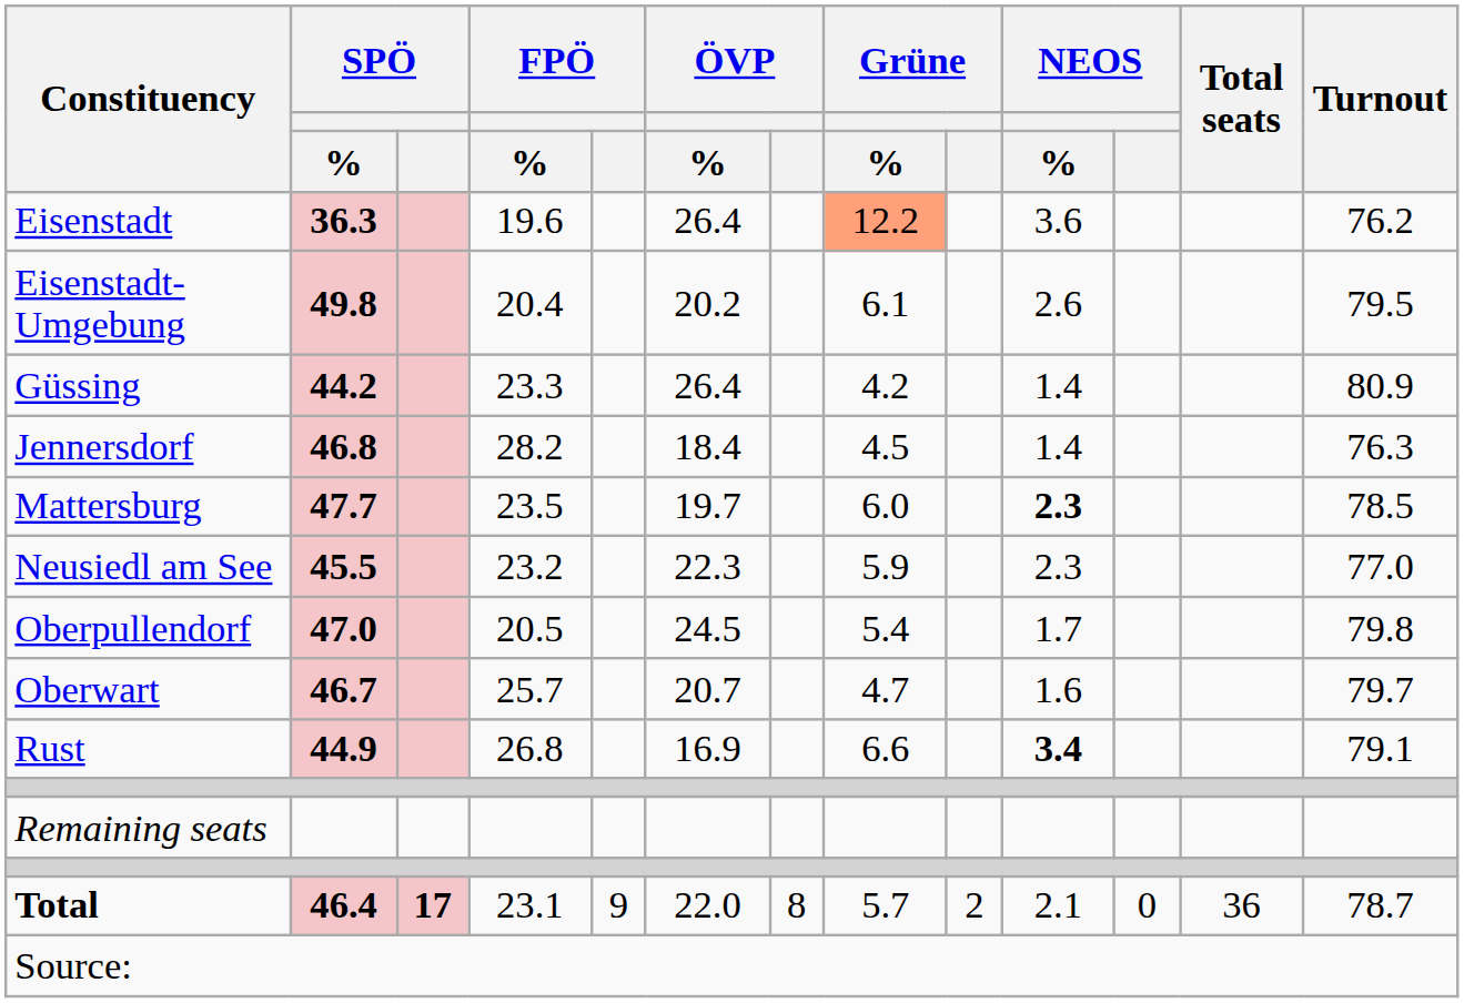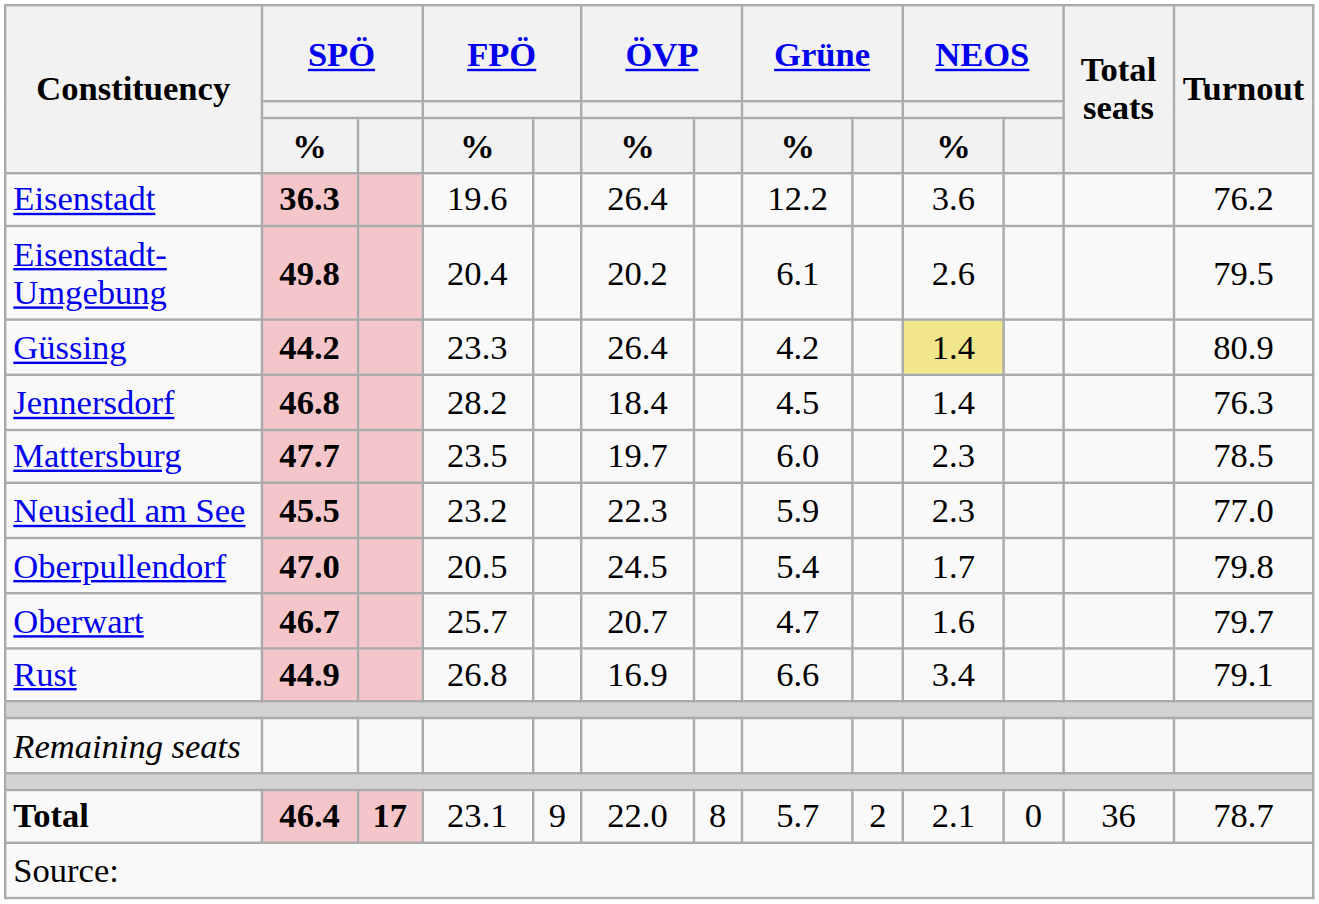 <table class="wikitable" style="text-align:center;font-size:90%;line-height:16px">
 <tr style="height:40px;">
 <th style="width:100px;" rowspan="3">Constituency</th>
 <th style="width:60px;" colspan="2"><a href='#'>SPÖ</a></th>
 <th style="width:60px;" colspan="2"><a href='#'>FPÖ</a></th>
 <th style="width:60px;" colspan="2"><a href='#'>ÖVP</a></th>
 <th style="width:60px;" colspan="2"><a href='#'>Grüne</a></th>
 <th style="width:60px;" colspan="2"><a href='#'>NEOS</a></th>
 <th class="unsortable" style="width:40px;" rowspan="3">Total<br>seats</th>
 <th class="unsortable" style="width:40px;" rowspan="3">Turnout</th>
 </tr>
 <tr>
 <th colspan="2" style="background:"></th>
 <th colspan="2" style="background:"></th>
 <th colspan="2" style="background:"></th>
 <th colspan="2" style="background:"></th>
 <th colspan="2" style="background:"></th>
 </tr>
 <tr>
 <th class=unsortable>%</th>
 <th class=unsortable></th>
 <th class=unsortable>%</th>
 <th class=unsortable></th>
 <th class=unsortable>%</th>
 <th class=unsortable></th>
 <th class=unsortable>%</th>
 <th class=unsortable></th>
 <th class=unsortable>%</th>
 <th class=unsortable></th>
 </tr>
 <tr>
 <td align=left><a href='#'>Eisenstadt</a></td>
 <td bgcolor="#F4C6C9"><strong>36.3</strong></td>
 <td bgcolor="#F4C6C9"></td>
 <td>19.6</td>
 <td></td>
 <td>26.4</td>
 <td></td>
-<td style="background: lightsalmon;">12.2</td>
+<td>12.2</td>
 <td></td>
 <td>3.6</td>
 <td></td>
 <td></td>
 <td>76.2</td>
 </tr>
 <tr>
 <td align=left><a href='#'>Eisenstadt-Umgebung</a></td>
 <td bgcolor="#F4C6C9"><strong>49.8</strong></td>
 <td bgcolor="#F4C6C9"></td>
 <td>20.4</td>
 <td></td>
 <td>20.2</td>
 <td></td>
 <td>6.1</td>
 <td></td>
 <td>2.6</td>
 <td></td>
 <td></td>
 <td>79.5</td>
 </tr>
 <tr>
 <td align="left"><a href='#'>Güssing</a></td>
 <td bgcolor="#F4C6C9"><strong>44.2</strong></td>
 <td bgcolor="#F4C6C9"></td>
 <td>23.3</td>
 <td></td>
 <td>26.4</td>
 <td></td>
 <td>4.2</td>
 <td></td>
-<td>1.4</td>
+<td style="background: khaki;">1.4</td>
 <td></td>
 <td></td>
 <td>80.9</td>
 </tr>
 <tr>
 <td align="left"><a href='#'>Jennersdorf</a></td>
 <td bgcolor="#F4C6C9"><strong>46.8</strong></td>
 <td bgcolor="#F4C6C9"></td>
 <td>28.2</td>
 <td></td>
 <td>18.4</td>
 <td></td>
 <td>4.5</td>
 <td></td>
 <td>1.4</td>
 <td></td>
 <td></td>
 <td>76.3</td>
 </tr>
 <tr>
 <td align="left"><a href='#'>Mattersburg</a></td>
 <td bgcolor="#F4C6C9"><strong>47.7</strong></td>
 <td bgcolor="#F4C6C9"></td>
 <td>23.5</td>
 <td></td>
 <td>19.7</td>
 <td></td>
 <td>6.0</td>
 <td></td>
-<td><strong>2.3</strong></td>
+<td>2.3</td>
 <td></td>
 <td></td>
 <td>78.5</td>
 </tr>
 <tr>
 <td align="left"><a href='#'>Neusiedl am See</a></td>
 <td bgcolor="#F4C6C9"><strong>45.5</strong></td>
 <td bgcolor="#F4C6C9"></td>
 <td>23.2</td>
 <td></td>
 <td>22.3</td>
 <td></td>
 <td>5.9</td>
 <td></td>
 <td>2.3</td>
 <td></td>
 <td></td>
 <td>77.0</td>
 </tr>
 <tr>
 <td align="left"><a href='#'>Oberpullendorf</a></td>
 <td bgcolor="#F4C6C9"><strong>47.0</strong></td>
 <td bgcolor="#F4C6C9"></td>
 <td>20.5</td>
 <td></td>
 <td>24.5</td>
 <td></td>
 <td>5.4</td>
 <td></td>
 <td>1.7</td>
 <td></td>
 <td></td>
 <td>79.8</td>
 </tr>
 <tr>
 <td align="left"><a href='#'>Oberwart</a></td>
 <td bgcolor="#F4C6C9"><strong>46.7</strong></td>
 <td bgcolor="#F4C6C9"></td>
 <td>25.7</td>
 <td></td>
 <td>20.7</td>
 <td></td>
 <td>4.7</td>
 <td></td>
 <td>1.6</td>
 <td></td>
 <td></td>
 <td>79.7</td>
 </tr>
 <tr>
 <td align=left><a href='#'>Rust</a></td>
 <td bgcolor="#F4C6C9"><strong>44.9</strong></td>
 <td bgcolor="#F4C6C9"></td>
 <td>26.8</td>
 <td></td>
 <td>16.9</td>
 <td></td>
 <td>6.6</td>
 <td></td>
-<td><strong>3.4</strong></td>
+<td>3.4</td>
 <td></td>
 <td></td>
 <td>79.1</td>
 </tr>
 <tr>
 <td colspan="14" bgcolor="lightgrey"></td>
 </tr>
 <tr>
 <td align=left><em>Remaining seats</em></td>
 <td></td>
 <td></td>
 <td></td>
 <td></td>
 <td></td>
 <td></td>
 <td></td>
 <td></td>
 <td></td>
 <td></td>
 <td></td>
 <td></td>
 </tr>
 <tr>
 <td colspan="14" bgcolor="lightgrey"></td>
 </tr>
 <tr>
 <td align=left><strong>Total</strong></td>
 <td bgcolor=#F4C6C9><strong>46.4</strong></td>
 <td bgcolor="#F4C6C9"><strong>17</strong></td>
 <td>23.1</td>
 <td>9</td>
 <td>22.0</td>
 <td>8</td>
 <td>5.7</td>
 <td>2</td>
 <td>2.1</td>
 <td>0</td>
 <td>36</td>
 <td>78.7</td>
 </tr>
 <tr class=sortbottom>
 <td colspan="14" align="left">Source:  </td>
 </tr>
 </table>
